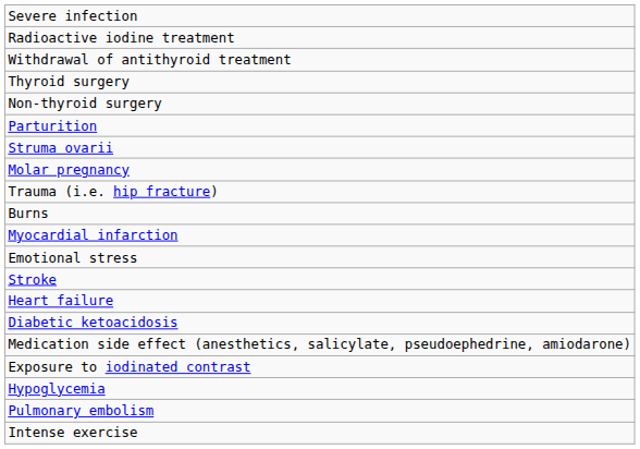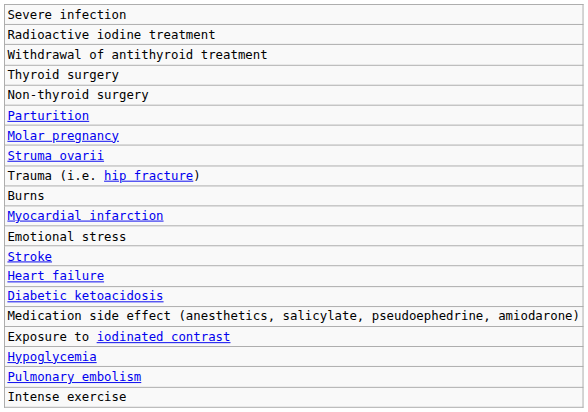 <table class="wikitable mw-collapsible">
 <tr>
 <td>Severe infection</td>
 </tr>
 <tr>
 <td>Radioactive iodine treatment</td>
 </tr>
 <tr>
 <td>Withdrawal of antithyroid treatment</td>
 </tr>
 <tr>
 <td>Thyroid surgery</td>
 </tr>
 <tr>
 <td>Non-thyroid surgery</td>
 </tr>
 <tr>
 <td><a href='#'>Parturition</a></td>
 </tr>
 <tr>
-<td><a href='#'>Struma ovarii</a></td>
+<td><a href='#'>Molar pregnancy</a></td>
 </tr>
 <tr>
-<td><a href='#'>Molar pregnancy</a></td>
+<td><a href='#'>Struma ovarii</a></td>
 </tr>
 <tr>
 <td>Trauma (i.e. <a href='#'>hip fracture</a>)</td>
 </tr>
 <tr>
 <td>Burns</td>
 </tr>
 <tr>
 <td><a href='#'>Myocardial infarction</a></td>
 </tr>
 <tr>
 <td>Emotional stress</td>
 </tr>
 <tr>
 <td><a href='#'>Stroke</a></td>
 </tr>
 <tr>
 <td><a href='#'>Heart failure</a></td>
 </tr>
 <tr>
 <td><a href='#'>Diabetic ketoacidosis</a></td>
 </tr>
 <tr>
 <td>Medication side effect (anesthetics, salicylate, pseudoephedrine, amiodarone)</td>
 </tr>
 <tr>
 <td>Exposure to <a href='#'>iodinated contrast</a></td>
 </tr>
 <tr>
 <td><a href='#'>Hypoglycemia</a></td>
 </tr>
 <tr>
 <td><a href='#'>Pulmonary embolism</a></td>
 </tr>
 <tr>
 <td>Intense exercise</td>
 </tr>
 </table>
